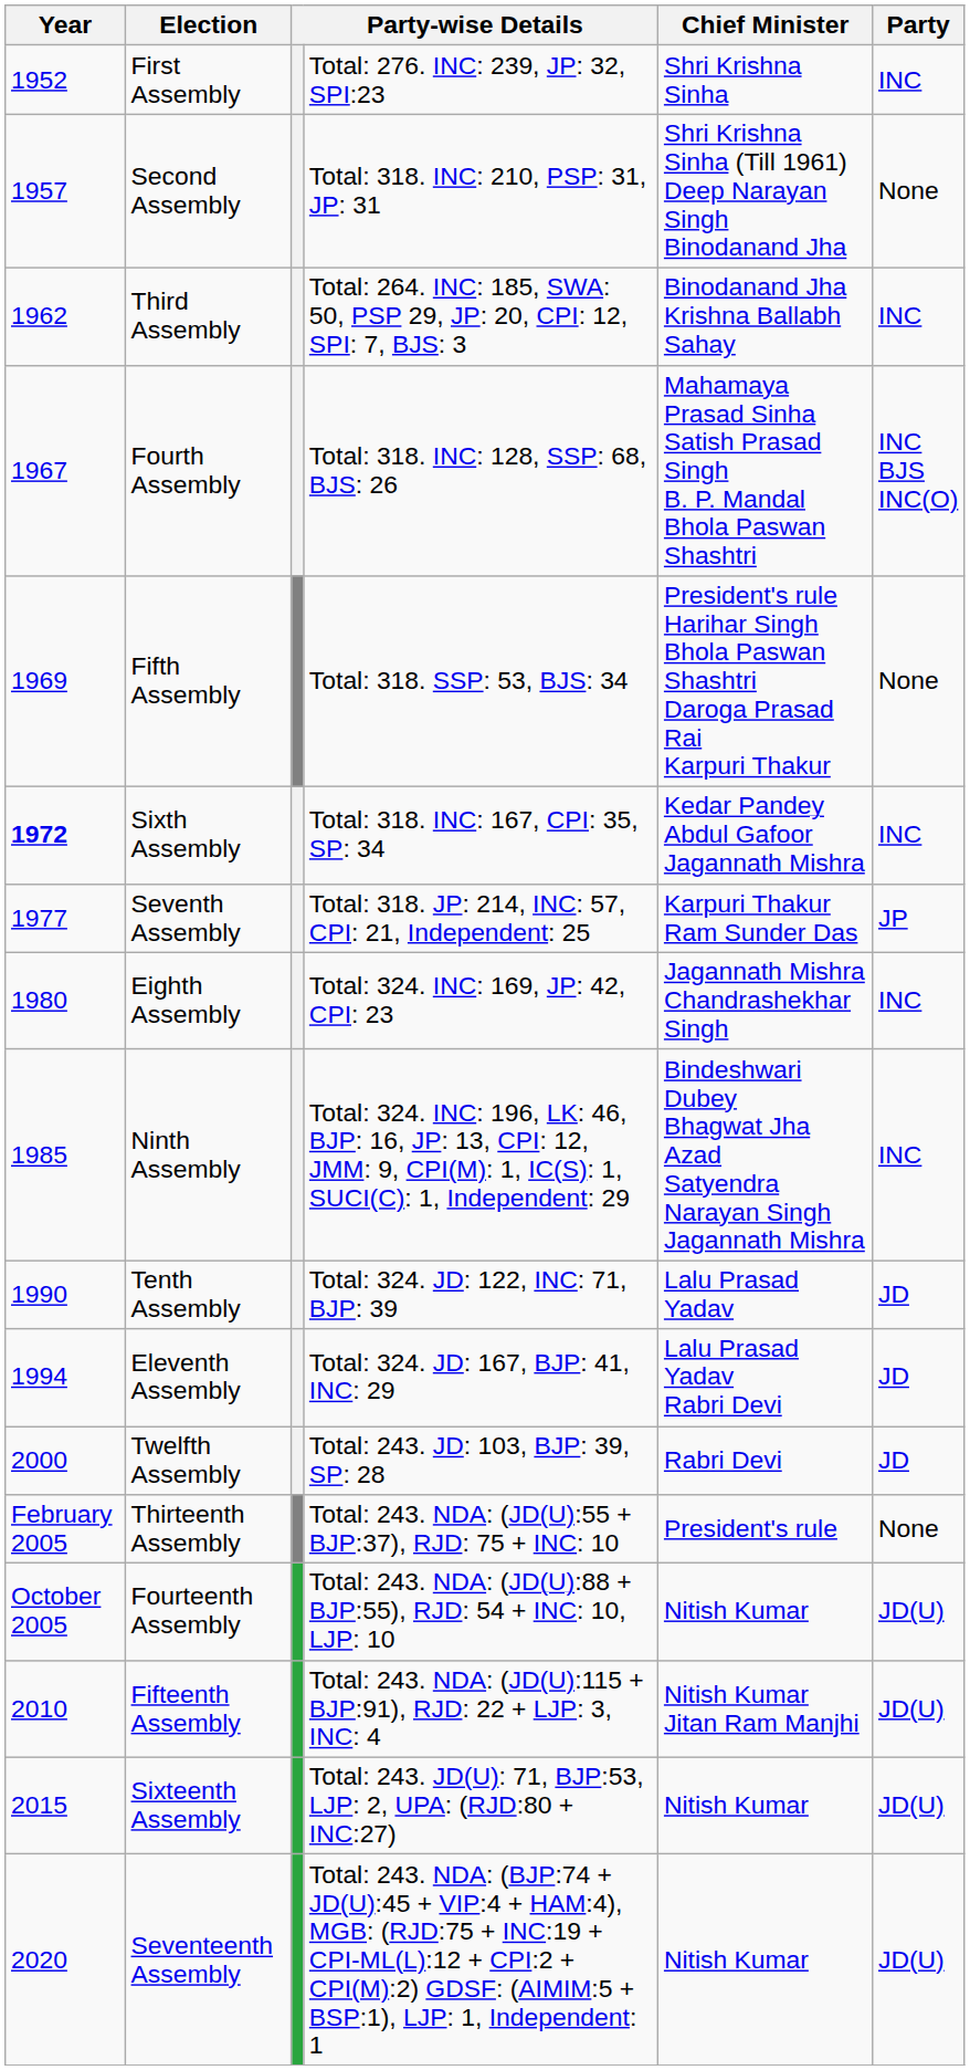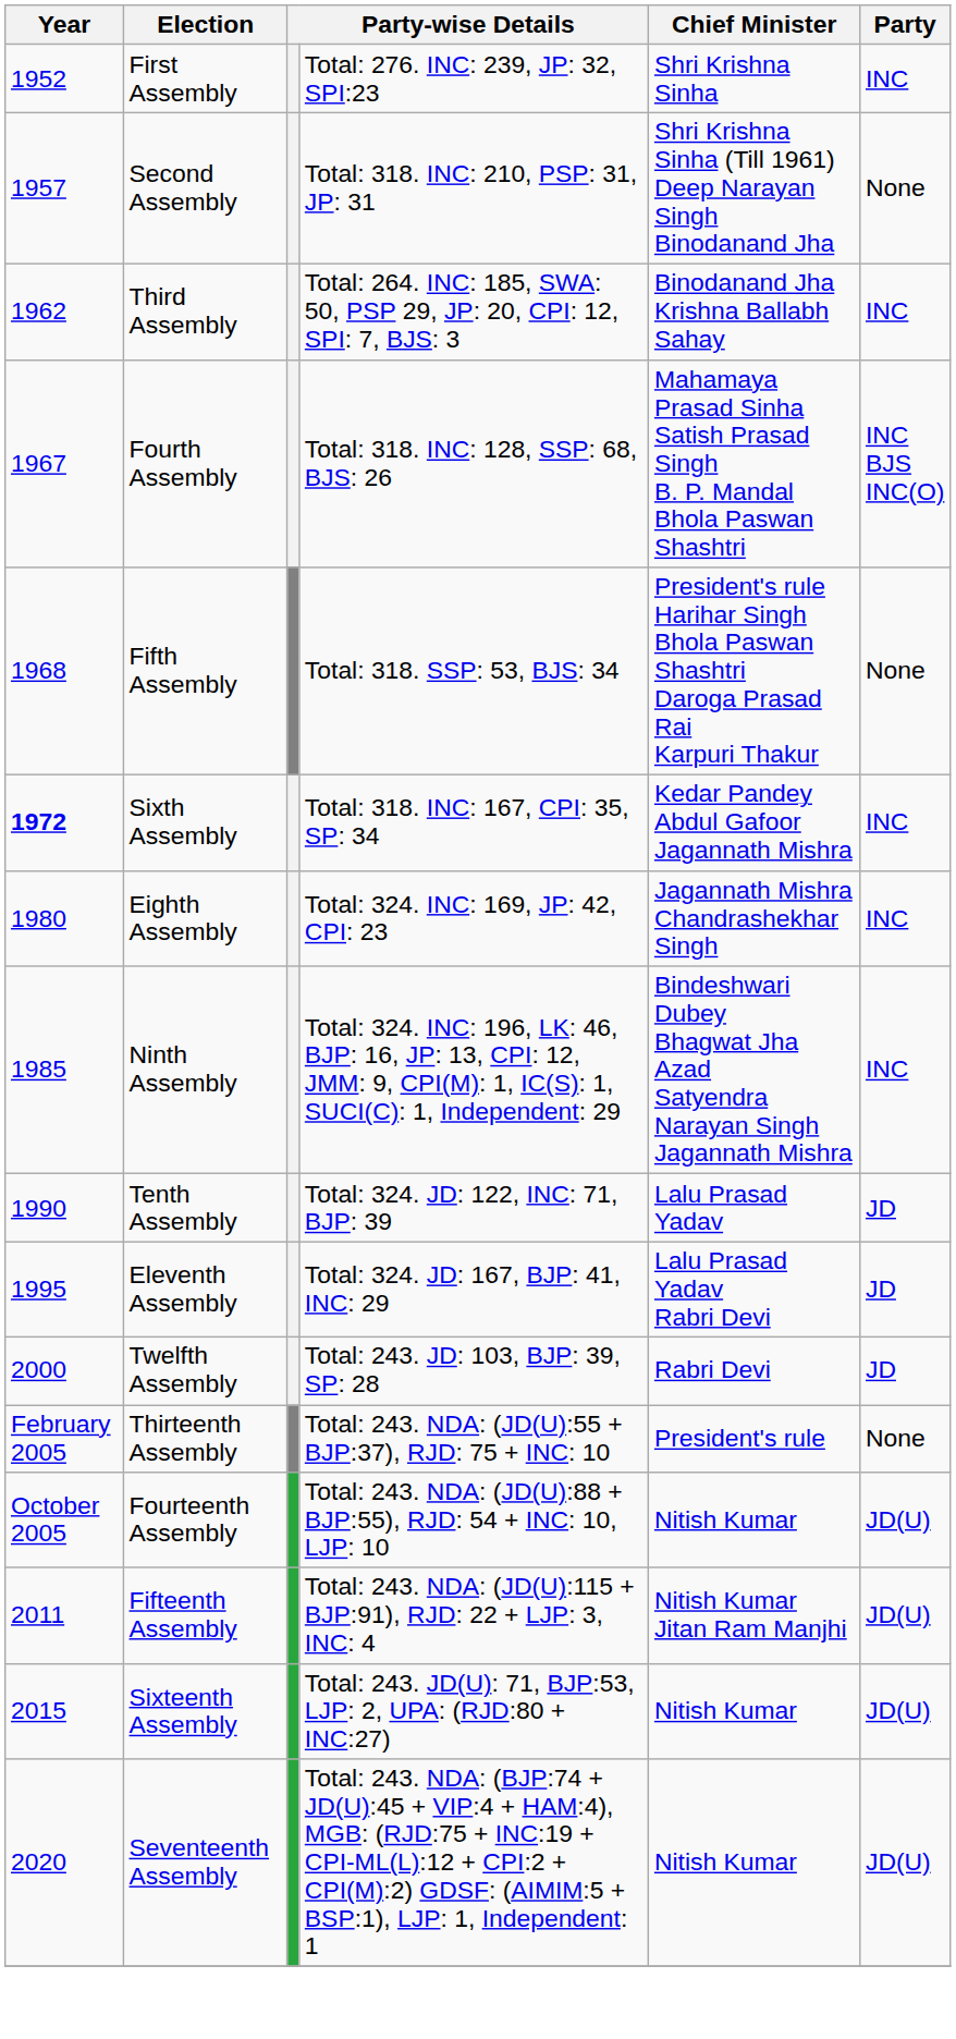 <table class="wikitable">
 <tr>
 <th>Year</th>
 <th>Election</th>
 <th colspan=2>Party-wise Details</th>
 <th>Chief Minister</th>
 <th>Party</th>
 </tr>
 <tr>
 <td><a href='#'>1952</a></td>
 <td>First Assembly</td>
 <th style="background-color: "></th>
 <td>Total: 276. <a href='#'>INC</a>: 239, <a href='#'>JP</a>: 32, <a href='#'>SPI</a>:23</td>
 <td><a href='#'>Shri Krishna Sinha</a> <br></td>
 <td><a href='#'>INC</a></td>
 </tr>
 <tr --->
 <td><a href='#'>1957</a></td>
 <td>Second Assembly</td>
 <th style="background-color: "></th>
 <td>Total: 318. <a href='#'>INC</a>: 210, <a href='#'>PSP</a>: 31, <a href='#'>JP</a>: 31</td>
 <td><a href='#'>Shri Krishna Sinha</a> (Till 1961)<br> <a href='#'>Deep Narayan Singh</a> <br> <a href='#'>Binodanand Jha</a></td>
 <td>None</td>
 </tr>
 <tr --->
 <td><a href='#'>1962</a></td>
 <td>Third Assembly</td>
 <th style="background-color: "></th>
 <td>Total: 264. <a href='#'>INC</a>: 185, <a href='#'>SWA</a>: 50, <a href='#'>PSP</a> 29, <a href='#'>JP</a>: 20,  <a href='#'>CPI</a>: 12, <a href='#'>SPI</a>: 7, <a href='#'>BJS</a>: 3</td>
 <td><a href='#'>Binodanand Jha</a> <br> <a href='#'>Krishna Ballabh Sahay</a></td>
 <td><a href='#'>INC</a></td>
 </tr>
 <tr --->
 <td><a href='#'>1967</a></td>
 <td>Fourth Assembly</td>
 <th style="background-color: "></th>
 <td>Total: 318. <a href='#'>INC</a>: 128, <a href='#'>SSP</a>: 68, <a href='#'>BJS</a>: 26</td>
 <td><a href='#'>Mahamaya Prasad Sinha</a>  <br> <a href='#'>Satish Prasad Singh</a> <br> <a href='#'>B. P. Mandal</a>  <br> <a href='#'>Bhola Paswan Shashtri</a></td>
 <td><a href='#'>INC</a> <br> <a href='#'>BJS</a> <br> <a href='#'>INC(O)</a></td>
 </tr>
 <tr --->
-<td><a href='#'>1969</a></td>
+<td><a href='#'>1968</a></td>
 <td>Fifth Assembly</td>
 <th style="background-color: grey"></th>
 <td>Total: 318. <a href='#'>SSP</a>: 53, <a href='#'>BJS</a>: 34</td>
 <td><a href='#'>President's rule</a> <br> <a href='#'>Harihar Singh</a> <br> <a href='#'>Bhola Paswan Shashtri</a> <br> <a href='#'>Daroga Prasad Rai</a> <br> <a href='#'>Karpuri Thakur</a></td>
 <td>None</td>
 </tr>
 <tr --->
 <td><strong><a href='#'>1972</a></strong></td>
 <td>Sixth Assembly</td>
 <th style="background-color: "></th>
 <td>Total: 318. <a href='#'>INC</a>: 167, <a href='#'>CPI</a>: 35, <a href='#'>SP</a>: 34</td>
 <td><a href='#'>Kedar Pandey</a> <br><a href='#'>Abdul Gafoor</a> <br> <a href='#'>Jagannath Mishra</a></td>
 <td><a href='#'>INC</a></td>
-</tr>
-<tr --->
-<td><a href='#'>1977</a></td>
-<td>Seventh Assembly</td>
-<th style="background-color: "></th>
-<td>Total: 318. <a href='#'>JP</a>: 214, <a href='#'>INC</a>: 57, <a href='#'>CPI</a>: 21, <a href='#'>Independent</a>: 25</td>
-<td><a href='#'>Karpuri Thakur</a> <br> <a href='#'>Ram Sunder Das</a></td>
-<td><a href='#'>JP</a></td>
 </tr>
 <tr --->
 <td><a href='#'>1980</a></td>
 <td>Eighth Assembly</td>
 <th style="background-color: "></th>
 <td>Total: 324. <a href='#'>INC</a>: 169, <a href='#'>JP</a>: 42, <a href='#'>CPI</a>: 23</td>
 <td><a href='#'>Jagannath Mishra</a> <br> <a href='#'>Chandrashekhar Singh</a></td>
 <td><a href='#'>INC</a></td>
 </tr>
 <tr --->
 <td><a href='#'>1985</a></td>
 <td>Ninth Assembly</td>
 <th style="background-color: "></th>
 <td>Total: 324. <a href='#'>INC</a>: 196, <a href='#'>LK</a>: 46, <a href='#'>BJP</a>: 16, <a href='#'>JP</a>: 13, <a href='#'>CPI</a>: 12, <a href='#'>JMM</a>: 9, <a href='#'>CPI(M)</a>: 1, <a href='#'>IC(S)</a>: 1, <a href='#'>SUCI(C)</a>: 1, <a href='#'>Independent</a>: 29</td>
 <td><a href='#'>Bindeshwari Dubey</a> <br> <a href='#'>Bhagwat Jha Azad</a> <br> <a href='#'>Satyendra Narayan Singh</a> <br> <a href='#'>Jagannath Mishra</a></td>
 <td><a href='#'>INC</a></td>
 </tr>
 <tr --->
 <td><a href='#'>1990</a></td>
 <td>Tenth Assembly</td>
 <th style="background-color: "></th>
 <td>Total: 324. <a href='#'>JD</a>: 122, <a href='#'>INC</a>: 71, <a href='#'>BJP</a>: 39</td>
 <td><a href='#'>Lalu Prasad Yadav</a></td>
 <td><a href='#'>JD</a></td>
 </tr>
 <tr --->
-<td><a href='#'>1994</a></td>
+<td><a href='#'>1995</a></td>
 <td>Eleventh Assembly</td>
 <th style="background-color: "></th>
 <td>Total: 324. <a href='#'>JD</a>: 167, <a href='#'>BJP</a>: 41, <a href='#'>INC</a>: 29</td>
 <td><a href='#'>Lalu Prasad Yadav</a> <br> <a href='#'>Rabri Devi</a></td>
 <td><a href='#'>JD</a></td>
 </tr>
 <tr --->
 <td><a href='#'>2000</a></td>
 <td>Twelfth Assembly</td>
 <th style="background-color: "></th>
 <td>Total: 243. <a href='#'>JD</a>: 103, <a href='#'>BJP</a>: 39, <a href='#'>SP</a>: 28</td>
 <td><a href='#'>Rabri Devi</a></td>
 <td><a href='#'>JD</a></td>
 </tr>
 <tr --->
 <td><a href='#'>February 2005</a></td>
 <td>Thirteenth Assembly</td>
 <th style="background-color: grey"></th>
 <td>Total: 243. <a href='#'>NDA</a>: (<a href='#'>JD(U)</a>:55 + <a href='#'>BJP</a>:37), <a href='#'>RJD</a>: 75 + <a href='#'>INC</a>: 10</td>
 <td><a href='#'>President's rule</a></td>
 <td>None</td>
 </tr>
 <tr --->
 <td><a href='#'>October 2005</a></td>
 <td>Fourteenth Assembly</td>
 <th style="background-color: #29a53e"></th>
 <td>Total: 243. <a href='#'>NDA</a>: (<a href='#'>JD(U)</a>:88 + <a href='#'>BJP</a>:55), <a href='#'>RJD</a>: 54 + <a href='#'>INC</a>: 10, <a href='#'>LJP</a>: 10</td>
 <td><a href='#'>Nitish Kumar</a></td>
 <td><a href='#'>JD(U)</a></td>
 </tr>
 <tr --->
-<td><a href='#'>2010</a></td>
+<td><a href='#'>2011</a></td>
 <td><a href='#'>Fifteenth Assembly</a></td>
 <th style="background-color: #29a53e"></th>
 <td>Total: 243. <a href='#'>NDA</a>: (<a href='#'>JD(U)</a>:115 + <a href='#'>BJP</a>:91), <a href='#'>RJD</a>: 22 + <a href='#'>LJP</a>: 3, <a href='#'>INC</a>: 4</td>
 <td><a href='#'>Nitish Kumar</a> <br> <a href='#'>Jitan Ram Manjhi</a></td>
 <td><a href='#'>JD(U)</a></td>
 </tr>
 <tr --->
 <td><a href='#'>2015</a></td>
 <td><a href='#'>Sixteenth Assembly</a></td>
 <th style="background-color: #29a53e"></th>
 <td>Total: 243. <a href='#'>JD(U)</a>: 71, <a href='#'>BJP</a>:53, <a href='#'>LJP</a>: 2, <a href='#'>UPA</a>: (<a href='#'>RJD</a>:80 + <a href='#'>INC</a>:27)</td>
 <td><a href='#'>Nitish Kumar</a></td>
 <td><a href='#'>JD(U)</a></td>
 </tr>
 <tr --->
 <td><a href='#'>2020</a></td>
 <td><a href='#'>Seventeenth Assembly</a></td>
 <th style="background-color: #29a53e"></th>
 <td>Total: 243. <a href='#'>NDA</a>: (<a href='#'>BJP</a>:74 + <a href='#'>JD(U)</a>:45 + <a href='#'>VIP</a>:4 + <a href='#'>HAM</a>:4), <a href='#'>MGB</a>: (<a href='#'>RJD</a>:75 + <a href='#'>INC</a>:19 + <a href='#'>CPI-ML(L)</a>:12 + <a href='#'>CPI</a>:2 + <a href='#'>CPI(M)</a>:2) <a href='#'>GDSF</a>: (<a href='#'>AIMIM</a>:5 + <a href='#'>BSP</a>:1), <a href='#'>LJP</a>: 1, <a href='#'>Independent</a>: 1</td>
 <td><a href='#'>Nitish Kumar</a></td>
 <td><a href='#'>JD(U)</a></td>
 </tr>
 <tr --->
 </tr>
 </table>
